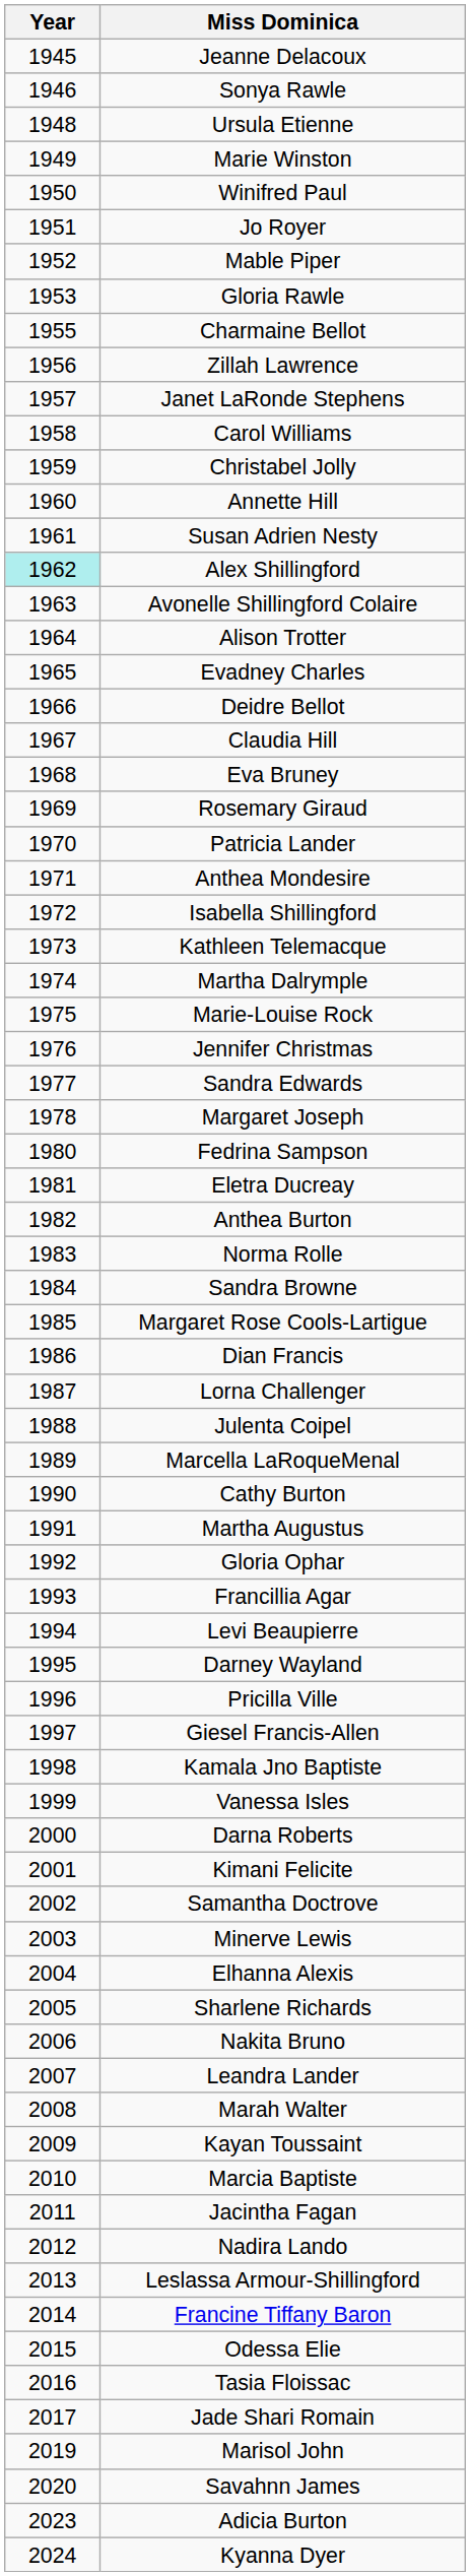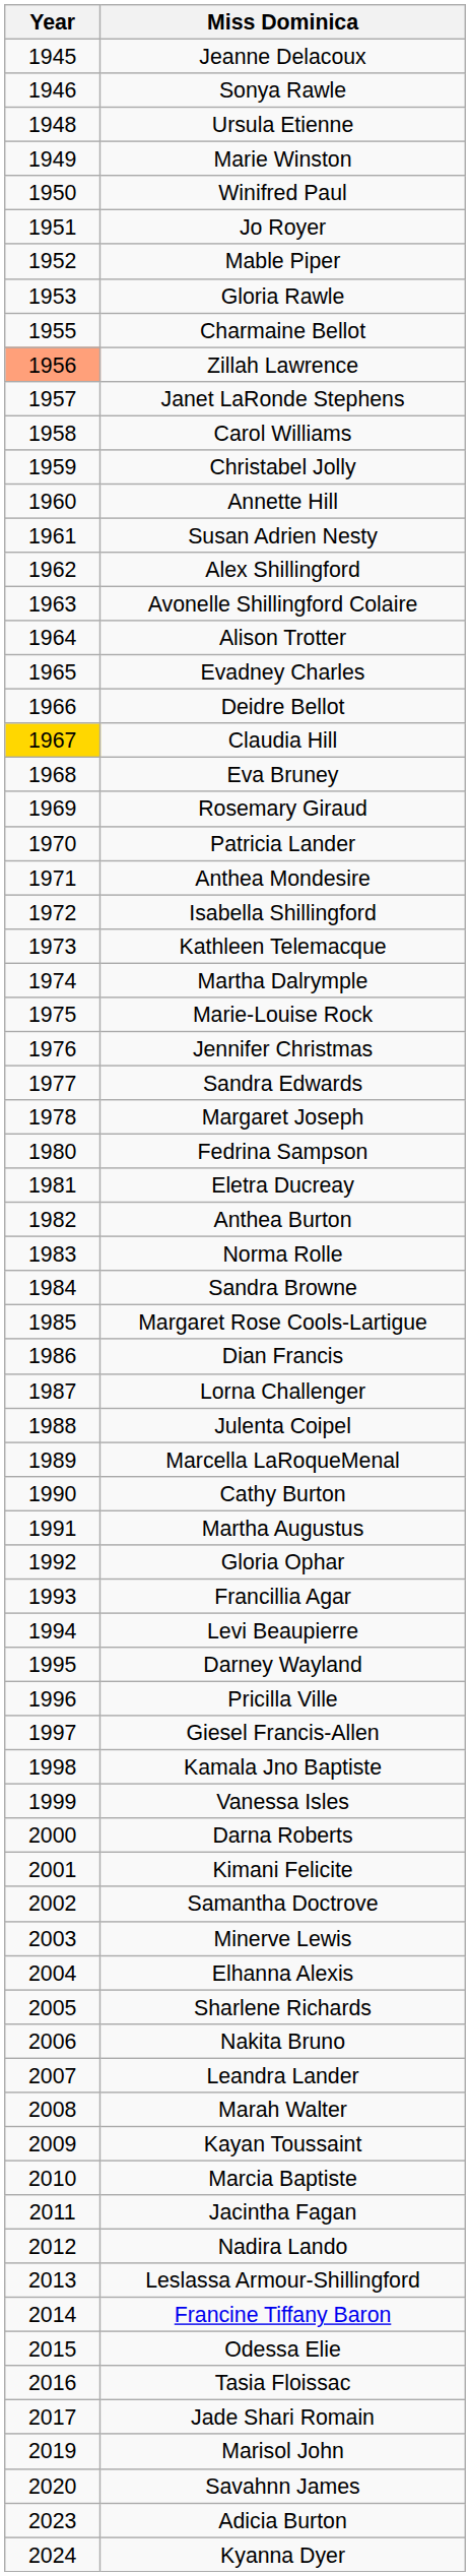 <table class="wikitable sortable" style="font-size: 95%; text-align:center">
 <tr>
 <th width="60">Year</th>
 <th width="250">Miss Dominica</th>
 </tr>
 <tr>
 <td>1945</td>
 <td>Jeanne Delacoux</td>
 </tr>
 <tr>
 <td>1946</td>
 <td>Sonya Rawle</td>
 </tr>
 <tr>
 <td>1948</td>
 <td>Ursula Etienne</td>
 </tr>
 <tr>
 <td>1949</td>
 <td>Marie Winston</td>
 </tr>
 <tr>
 <td>1950</td>
 <td>Winifred Paul</td>
 </tr>
 <tr>
 <td>1951</td>
 <td>Jo Royer</td>
 </tr>
 <tr>
 <td>1952</td>
 <td>Mable Piper</td>
 </tr>
 <tr>
 <td>1953</td>
 <td>Gloria Rawle</td>
 </tr>
 <tr>
 <td>1955</td>
 <td>Charmaine Bellot</td>
 </tr>
 <tr>
-<td>1956</td>
+<td style="background: lightsalmon;">1956</td>
 <td>Zillah Lawrence</td>
 </tr>
 <tr>
 <td>1957</td>
 <td>Janet LaRonde Stephens</td>
 </tr>
 <tr>
 <td>1958</td>
 <td>Carol Williams</td>
 </tr>
 <tr>
 <td>1959</td>
 <td>Christabel Jolly</td>
 </tr>
 <tr>
 <td>1960</td>
 <td>Annette Hill</td>
 </tr>
 <tr>
 <td>1961</td>
 <td>Susan Adrien Nesty</td>
 </tr>
 <tr>
-<td style="background: paleturquoise;">1962</td>
+<td>1962</td>
 <td>Alex Shillingford</td>
 </tr>
 <tr>
 <td>1963</td>
 <td>Avonelle Shillingford Colaire</td>
 </tr>
 <tr>
 <td>1964</td>
 <td>Alison Trotter</td>
 </tr>
 <tr>
 <td>1965</td>
 <td>Evadney Charles</td>
 </tr>
 <tr>
 <td>1966</td>
 <td>Deidre Bellot</td>
 </tr>
 <tr>
-<td>1967</td>
+<td style="background: gold;">1967</td>
 <td>Claudia Hill</td>
 </tr>
 <tr>
 <td>1968</td>
 <td>Eva Bruney</td>
 </tr>
 <tr>
 <td>1969</td>
 <td>Rosemary Giraud</td>
 </tr>
 <tr>
 <td>1970</td>
 <td>Patricia Lander</td>
 </tr>
 <tr>
 <td>1971</td>
 <td>Anthea Mondesire</td>
 </tr>
 <tr>
 <td>1972</td>
 <td>Isabella Shillingford</td>
 </tr>
 <tr>
 <td>1973</td>
 <td>Kathleen Telemacque</td>
 </tr>
 <tr>
 <td>1974</td>
 <td>Martha Dalrymple</td>
 </tr>
 <tr>
 <td>1975</td>
 <td>Marie-Louise Rock</td>
 </tr>
 <tr>
 <td>1976</td>
 <td>Jennifer Christmas</td>
 </tr>
 <tr>
 <td>1977</td>
 <td>Sandra Edwards</td>
 </tr>
 <tr>
 <td>1978</td>
 <td>Margaret Joseph</td>
 </tr>
 <tr>
 <td>1980</td>
 <td>Fedrina Sampson</td>
 </tr>
 <tr>
 <td>1981</td>
 <td>Eletra Ducreay</td>
 </tr>
 <tr>
 <td>1982</td>
 <td>Anthea Burton</td>
 </tr>
 <tr>
 <td>1983</td>
 <td>Norma Rolle</td>
 </tr>
 <tr>
 <td>1984</td>
 <td>Sandra Browne</td>
 </tr>
 <tr>
 <td>1985</td>
 <td>Margaret Rose Cools-Lartigue</td>
 </tr>
 <tr>
 <td>1986</td>
 <td>Dian Francis</td>
 </tr>
 <tr>
 <td>1987</td>
 <td>Lorna Challenger</td>
 </tr>
 <tr>
 <td>1988</td>
 <td>Julenta Coipel</td>
 </tr>
 <tr>
 <td>1989</td>
 <td>Marcella LaRoqueMenal</td>
 </tr>
 <tr>
 <td>1990</td>
 <td>Cathy Burton</td>
 </tr>
 <tr>
 <td>1991</td>
 <td>Martha Augustus</td>
 </tr>
 <tr>
 <td>1992</td>
 <td>Gloria Ophar</td>
 </tr>
 <tr>
 <td>1993</td>
 <td>Francillia Agar</td>
 </tr>
 <tr>
 <td>1994</td>
 <td>Levi Beaupierre</td>
 </tr>
 <tr>
 <td>1995</td>
 <td>Darney Wayland</td>
 </tr>
 <tr>
 <td>1996</td>
 <td>Pricilla Ville</td>
 </tr>
 <tr>
 <td>1997</td>
 <td>Giesel Francis-Allen</td>
 </tr>
 <tr>
 <td>1998</td>
 <td>Kamala Jno Baptiste</td>
 </tr>
 <tr>
 <td>1999</td>
 <td>Vanessa Isles</td>
 </tr>
 <tr>
 <td>2000</td>
 <td>Darna Roberts</td>
 </tr>
 <tr>
 <td>2001</td>
 <td>Kimani Felicite</td>
 </tr>
 <tr>
 <td>2002</td>
 <td>Samantha Doctrove</td>
 </tr>
 <tr>
 <td>2003</td>
 <td>Minerve Lewis</td>
 </tr>
 <tr>
 <td>2004</td>
 <td>Elhanna Alexis</td>
 </tr>
 <tr>
 <td>2005</td>
 <td>Sharlene Richards</td>
 </tr>
 <tr>
 <td>2006</td>
 <td>Nakita Bruno</td>
 </tr>
 <tr>
 <td>2007</td>
 <td>Leandra Lander</td>
 </tr>
 <tr>
 <td>2008</td>
 <td>Marah Walter</td>
 </tr>
 <tr>
 <td>2009</td>
 <td>Kayan Toussaint</td>
 </tr>
 <tr>
 <td>2010</td>
 <td>Marcia Baptiste</td>
 </tr>
 <tr>
 <td>2011</td>
 <td>Jacintha Fagan</td>
 </tr>
 <tr>
 <td>2012</td>
 <td>Nadira Lando</td>
 </tr>
 <tr>
 <td>2013</td>
 <td>Leslassa Armour-Shillingford</td>
 </tr>
 <tr>
 <td>2014</td>
 <td><a href='#'>Francine Tiffany Baron</a></td>
 </tr>
 <tr>
 <td>2015</td>
 <td>Odessa Elie</td>
 </tr>
 <tr>
 <td>2016</td>
 <td>Tasia Floissac</td>
 </tr>
 <tr>
 <td>2017</td>
 <td>Jade Shari Romain</td>
 </tr>
 <tr>
 <td>2019</td>
 <td>Marisol John</td>
 </tr>
 <tr>
 <td>2020</td>
 <td>Savahnn James</td>
 </tr>
 <tr>
 <td>2023</td>
 <td>Adicia Burton</td>
 </tr>
 <tr>
 <td>2024</td>
 <td>Kyanna Dyer</td>
 </tr>
 </table>
